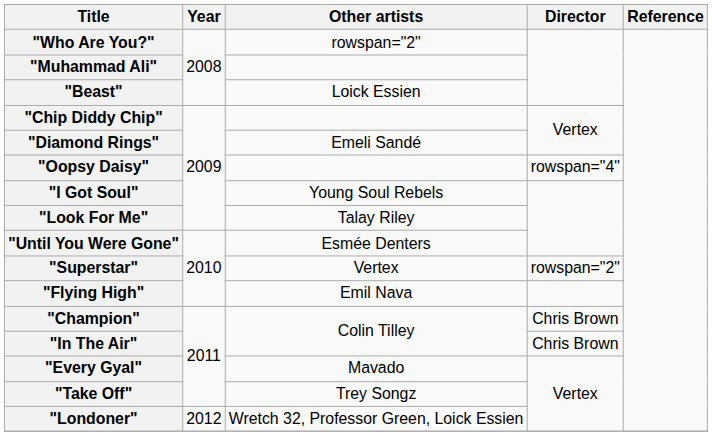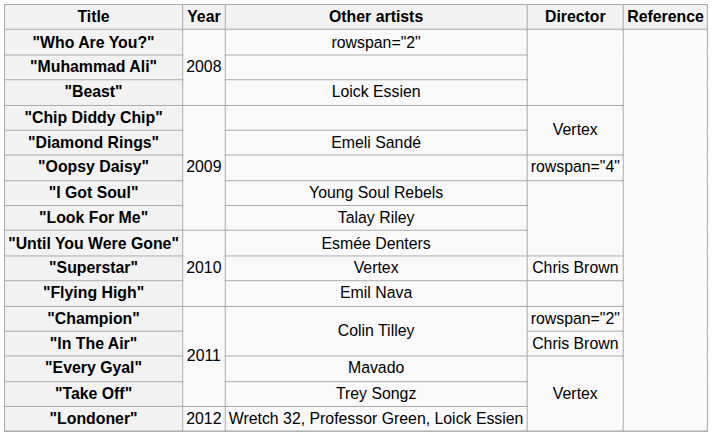 <table class="wikitable plainrowheaders" style="text-align:center;" border="1">
 <tr>
 <th scope="col">Title</th>
 <th scope="col">Year</th>
 <th scope="col">Other artists</th>
 <th scope="col">Director</th>
 <th scope="col">Reference</th>
 </tr>
 <tr>
 <th scope="row">"Who Are You?"</th>
 <td rowspan="3">2008</td>
 <td>rowspan="2" </td>
 <td rowspan="3"></td>
 <td rowspan="16"></td>
 </tr>
 <tr>
 <th scope="row">"Muhammad Ali"</th>
 </tr>
 <tr>
 <th scope="row">"Beast"</th>
 <td>Loick Essien</td>
 </tr>
 <tr>
 <th scope="row">"Chip Diddy Chip"</th>
 <td rowspan="5">2009</td>
 <td></td>
 <td rowspan="2">Vertex</td>
 </tr>
 <tr>
 <th scope="row">"Diamond Rings"</th>
 <td>Emeli Sandé</td>
 </tr>
 <tr>
 <th scope="row">"Oopsy Daisy"</th>
 <td></td>
 <td>rowspan="4" </td>
 </tr>
 <tr>
 <th scope="row">"I Got Soul"</th>
 <td>Young Soul Rebels</td>
 </tr>
 <tr>
 <th scope="row">"Look For Me"</th>
 <td>Talay Riley</td>
 </tr>
 <tr>
 <th scope="row">"Until You Were Gone"</th>
 <td rowspan="3">2010</td>
 <td>Esmée Denters</td>
 </tr>
 <tr>
 <th scope="row">"Superstar"</th>
 <td>Vertex</td>
-<td>rowspan="2" </td>
+<td>Chris Brown</td>
 </tr>
 <tr>
 <th scope="row">"Flying High"</th>
 <td>Emil Nava</td>
 </tr>
 <tr>
 <th scope="row">"Champion"</th>
 <td rowspan="4">2011</td>
 <td rowspan="2">Colin Tilley</td>
-<td>Chris Brown</td>
+<td>rowspan="2" </td>
 </tr>
 <tr>
 <th scope="row">"In The Air"</th>
 <td>Chris Brown</td>
 </tr>
 <tr>
 <th scope="row">"Every Gyal"</th>
 <td>Mavado</td>
 <td rowspan="3">Vertex</td>
 </tr>
 <tr>
 <th scope="row">"Take Off"</th>
 <td>Trey Songz</td>
 </tr>
 <tr>
 <th scope="row">"Londoner"</th>
 <td>2012</td>
 <td>Wretch 32, Professor Green, Loick Essien</td>
 </tr>
 <tr>
 </tr>
 </table>
